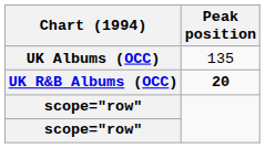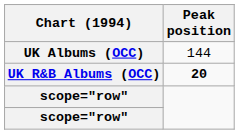 <table class="wikitable sortable plainrowheaders" style="text-align:center">
 <tr>
 <th scope="col">Chart (1994)</th>
 <th scope="col">Peak<br>position</th>
 </tr>
 <tr>
 <th scope="row">UK Albums (<a href='#'>OCC</a>)</th>
-<td>135</td>
+<td>144</td>
 </tr>
 <tr>
 <th scope="row"><a href='#'>UK R&B Albums</a> (<a href='#'>OCC</a>)</th>
 <td><strong>20</strong></td>
 </tr>
 <tr>
 <th>scope="row" </th>
 </tr>
 <tr>
 <th>scope="row" </th>
 </tr>
 </table>
